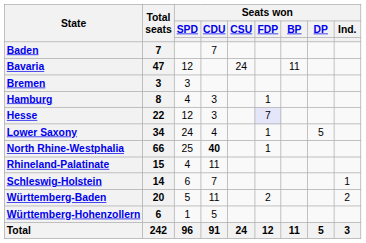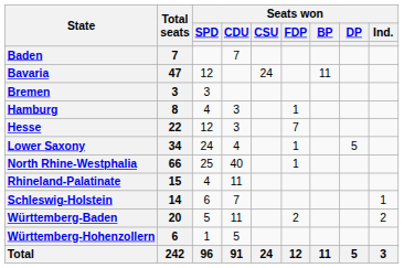 <table class="wikitable" style="text-align:center; font-size: 0.9em;">
 <tr>
 <th rowspan="3">State</th>
 <th rowspan="3">Total<br>seats</th>
 <th colspan="7">Seats won</th>
 </tr>
 <tr>
 <th class="unsortable" style="width:30px;"><a href='#'>SPD</a></th>
 <th class="unsortable" style="width:30px;"><a href='#'>CDU</a></th>
 <th class="unsortable" style="width:30px;"><a href='#'>CSU</a></th>
 <th class="unsortable" style="width:30px;"><a href='#'>FDP</a></th>
 <th class="unsortable" style="width:30px;"><a href='#'>BP</a></th>
 <th class="unsortable" style="width:30px;"><a href='#'>DP</a></th>
 <th class="unsortable" style="width:30px;">Ind.</th>
 </tr>
 <tr>
 <th style="background:"></th>
 <th style="background:"></th>
 <th style="background:"></th>
 <th style="background:"></th>
 <th style="background:"></th>
 <th style="background:"></th>
 <th style="background:"></th>
 </tr>
 <tr>
 <th style="text-align: left;"><a href='#'>Baden</a></th>
 <th>7</th>
 <td></td>
 <td>7</td>
 <td></td>
 <td></td>
 <td></td>
 <td></td>
 <td></td>
 </tr>
 <tr>
 <th style="text-align: left;"><a href='#'>Bavaria</a></th>
 <th>47</th>
 <td>12</td>
 <td></td>
 <td>24</td>
 <td></td>
 <td>11</td>
 <td></td>
 <td></td>
 </tr>
 <tr>
 <th style="text-align: left;"><a href='#'>Bremen</a></th>
 <th>3</th>
 <td>3</td>
 <td></td>
 <td></td>
 <td></td>
 <td></td>
 <td></td>
 <td></td>
 </tr>
 <tr>
 <th style="text-align: left;"><a href='#'>Hamburg</a></th>
 <th>8</th>
 <td>4</td>
 <td>3</td>
 <td></td>
 <td>1</td>
 <td></td>
 <td></td>
 <td></td>
 </tr>
 <tr>
 <th style="text-align: left;"><a href='#'>Hesse</a></th>
 <th>22</th>
 <td>12</td>
 <td>3</td>
 <td></td>
-<td style="background: lavender;">7</td>
+<td>7</td>
 <td></td>
 <td></td>
 <td></td>
 </tr>
 <tr>
 <th style="text-align: left;"><a href='#'>Lower Saxony</a></th>
 <th>34</th>
 <td>24</td>
 <td>4</td>
 <td></td>
 <td>1</td>
 <td></td>
 <td>5</td>
 <td></td>
 </tr>
 <tr>
 <th style="text-align: left;"><a href='#'>North Rhine-Westphalia</a></th>
 <th>66</th>
 <td>25</td>
-<td><strong>40</strong></td>
+<td>40</td>
 <td></td>
 <td>1</td>
 <td></td>
 <td></td>
 <td></td>
 </tr>
 <tr>
 <th style="text-align: left;"><a href='#'>Rhineland-Palatinate</a></th>
 <th>15</th>
 <td>4</td>
 <td>11</td>
 <td></td>
 <td></td>
 <td></td>
 <td></td>
 <td></td>
 </tr>
 <tr>
 <th style="text-align: left;"><a href='#'>Schleswig-Holstein</a></th>
 <th>14</th>
 <td>6</td>
 <td>7</td>
 <td></td>
 <td></td>
 <td></td>
 <td></td>
 <td>1</td>
 </tr>
 <tr>
 <th style="text-align: left;"><a href='#'>Württemberg-Baden</a></th>
 <th>20</th>
 <td>5</td>
 <td>11</td>
 <td></td>
 <td>2</td>
 <td></td>
 <td></td>
 <td>2</td>
 </tr>
 <tr>
 <th style="text-align: left;"><a href='#'>Württemberg-Hohenzollern</a></th>
 <th>6</th>
 <td>1</td>
 <td>5</td>
 <td></td>
 <td></td>
 <td></td>
 <td></td>
 <td></td>
 </tr>
 <tr class="sortbottom">
 <th style="text-align: left;">Total</th>
 <th>242</th>
 <th>96</th>
 <th>91</th>
 <th>24</th>
 <th>12</th>
 <th>11</th>
 <th>5</th>
 <th>3</th>
 </tr>
 </table>
